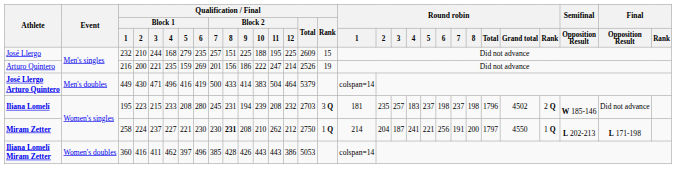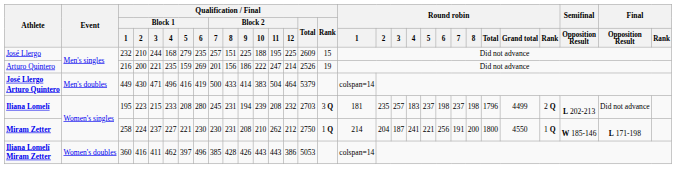 <table class=wikitable style=font-size:75%;text-align:center>
 <tr>
 <th rowspan=3>Athlete</th>
 <th rowspan=3>Event</th>
 <th colspan=14>Qualification / Final</th>
 <th colspan=11 rowspan=2>Round robin</th>
 <th rowspan=2>Semifinal</th>
 <th rowspan=2 colspan=2>Final</th>
 </tr>
 <tr style=font-size:95%>
 <th colspan=6>Block 1</th>
 <th colspan=6>Block 2</th>
 <th rowspan=2>Total</th>
 <th rowspan=2>Rank</th>
 </tr>
 <tr style=font-size:95%>
 <th>1</th>
 <th>2</th>
 <th>3</th>
 <th>4</th>
 <th>5</th>
 <th>6</th>
 <th>7</th>
 <th>8</th>
 <th>9</th>
 <th>10</th>
 <th>11</th>
 <th>12</th>
 <th>1</th>
 <th>2</th>
 <th>3</th>
 <th>4</th>
 <th>5</th>
 <th>6</th>
 <th>7</th>
 <th>8</th>
 <th>Total</th>
 <th>Grand total</th>
 <th>Rank</th>
 <th>Opposition<br>Result</th>
 <th>Opposition<br>Result</th>
 <th>Rank</th>
 </tr>
 <tr>
 <td align=left><a href='#'>José Llergo</a></td>
 <td align=left rowspan=2><a href='#'>Men's singles</a></td>
 <td>232</td>
 <td>210</td>
 <td>244</td>
 <td>168</td>
 <td>279</td>
 <td>235</td>
 <td>257</td>
 <td>151</td>
 <td>225</td>
 <td>188</td>
 <td>195</td>
 <td>225</td>
 <td>2609</td>
 <td>15</td>
 <td colspan=14>Did not advance</td>
 </tr>
 <tr>
 <td align=left><a href='#'>Arturo Quintero</a></td>
 <td>216</td>
 <td>200</td>
 <td>221</td>
 <td>235</td>
 <td>159</td>
 <td>269</td>
 <td>201</td>
 <td>156</td>
 <td>186</td>
 <td>222</td>
 <td>247</td>
 <td>214</td>
 <td>2526</td>
 <td>19</td>
 <td colspan=14>Did not advance</td>
 </tr>
 <tr>
 <td align=left><strong><a href='#'>José Llergo</a><br><a href='#'>Arturo Quintero</a></strong></td>
 <td align=left><a href='#'>Men's doubles</a></td>
 <td>449</td>
 <td>430</td>
 <td>471</td>
 <td>496</td>
 <td>416</td>
 <td>419</td>
 <td>500</td>
 <td>433</td>
 <td>414</td>
 <td>383</td>
 <td>504</td>
 <td>464</td>
 <td>5379</td>
 <td></td>
 <td>colspan=14 </td>
 </tr>
 <tr>
 <td align=left><strong><a href='#'>Iliana Lomelí</a></strong></td>
 <td align=left rowspan=2><a href='#'>Women's singles</a></td>
 <td>195</td>
 <td>223</td>
 <td>215</td>
 <td>233</td>
 <td>208</td>
 <td>280</td>
 <td>245</td>
 <td>231</td>
 <td>194</td>
 <td>239</td>
 <td>208</td>
 <td>232</td>
 <td>2703</td>
 <td>3 <strong>Q</strong></td>
 <td>181</td>
 <td>235</td>
 <td>257</td>
 <td>183</td>
 <td>237</td>
 <td>198</td>
 <td>237</td>
 <td>198</td>
 <td>1796</td>
-<td>4502</td>
+<td>4499</td>
 <td>2 <strong>Q</strong></td>
-<td><br><strong>W</strong> 185-146</td>
+<td><br><strong>L</strong> 202-213</td>
 <td>Did not advance</td>
 <td></td>
 </tr>
 <tr>
 <td align=left><strong><a href='#'>Miram Zetter</a></strong></td>
 <td>258</td>
 <td>224</td>
 <td>237</td>
 <td>227</td>
 <td>221</td>
 <td>230</td>
 <td>230</td>
-<td><strong>231</strong></td>
+<td>231</td>
 <td>208</td>
 <td>210</td>
 <td>262</td>
 <td>212</td>
 <td>2750</td>
 <td>1 <strong>Q</strong></td>
 <td>214</td>
 <td>204</td>
 <td>187</td>
 <td>241</td>
 <td>221</td>
 <td>256</td>
 <td>191</td>
 <td>200</td>
-<td>1797</td>
+<td>1800</td>
 <td>4550</td>
 <td>1 <strong>Q</strong></td>
-<td><br><strong>L</strong> 202-213</td>
+<td><br><strong>W</strong> 185-146</td>
 <td><br><strong>L</strong> 171-198</td>
 <td></td>
 </tr>
 <tr>
 <td align=left><strong><a href='#'>Iliana Lomelí</a><br><a href='#'>Miram Zetter</a></strong></td>
 <td align=left><a href='#'>Women's doubles</a></td>
 <td>360</td>
 <td>416</td>
 <td>411</td>
 <td>462</td>
 <td>397</td>
 <td>496</td>
 <td>385</td>
 <td>428</td>
 <td>426</td>
 <td>443</td>
 <td>443</td>
 <td>386</td>
 <td>5053</td>
 <td></td>
 <td>colspan=14 </td>
 </tr>
 </table>
